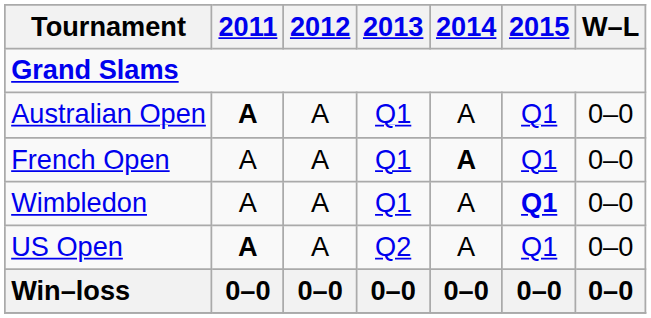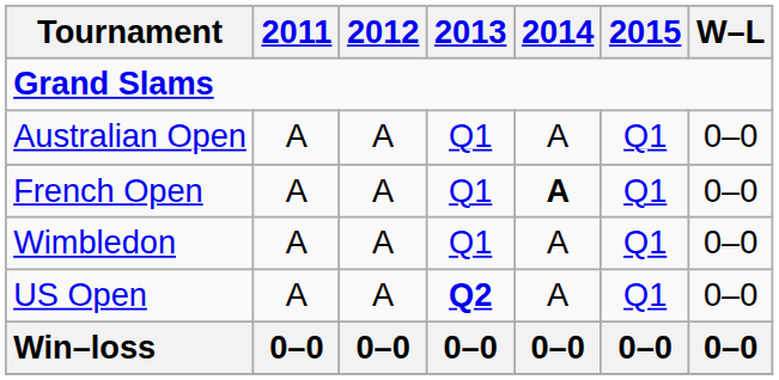 <table class=wikitable style=text-align:center;font-size:97%>
 <tr>
 <th>Tournament</th>
 <th><a href='#'>2011</a></th>
 <th><a href='#'>2012</a></th>
 <th><a href='#'>2013</a></th>
 <th><a href='#'>2014</a></th>
 <th><a href='#'>2015</a></th>
 <th>W–L</th>
 </tr>
 <tr>
 <td colspan=8 align=left><strong><a href='#'>Grand Slams</a></strong></td>
 </tr>
 <tr>
 <td align=left><a href='#'>Australian Open</a></td>
-<td><strong>A</strong></td>
+<td>A</td>
 <td>A</td>
 <td><a href='#'>Q1</a></td>
 <td>A</td>
 <td><a href='#'>Q1</a></td>
 <td>0–0</td>
 </tr>
 <tr>
 <td align=left><a href='#'>French Open</a></td>
 <td>A</td>
 <td>A</td>
 <td><a href='#'>Q1</a></td>
 <td><strong>A</strong></td>
 <td><a href='#'>Q1</a></td>
 <td>0–0</td>
 </tr>
 <tr>
 <td align=left><a href='#'>Wimbledon</a></td>
 <td>A</td>
 <td>A</td>
 <td><a href='#'>Q1</a></td>
 <td>A</td>
-<td><strong><a href='#'>Q1</a></strong></td>
+<td><a href='#'>Q1</a></td>
 <td>0–0</td>
 </tr>
 <tr>
 <td align=left><a href='#'>US Open</a></td>
-<td><strong>A</strong></td>
 <td>A</td>
-<td><a href='#'>Q2</a></td>
+<td>A</td>
+<td><strong><a href='#'>Q2</a></strong></td>
 <td>A</td>
 <td><a href='#'>Q1</a></td>
 <td>0–0</td>
 </tr>
 <tr>
 <th style=text-align:left>Win–loss</th>
 <th>0–0</th>
 <th>0–0</th>
 <th>0–0</th>
 <th>0–0</th>
 <th>0–0</th>
 <th>0–0</th>
 </tr>
 <tr>
 </tr>
 </table>
